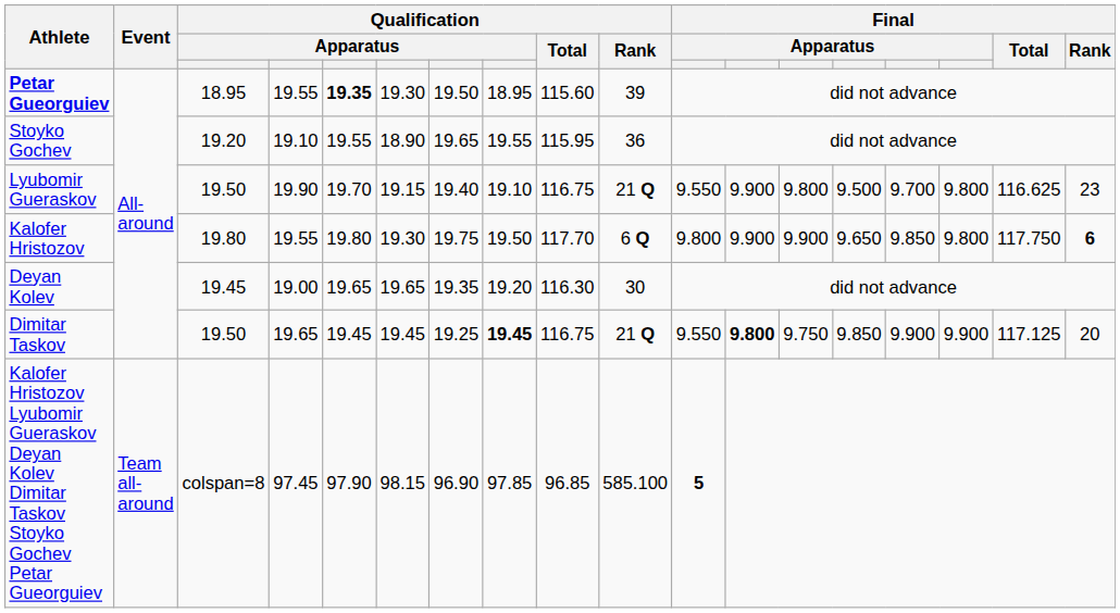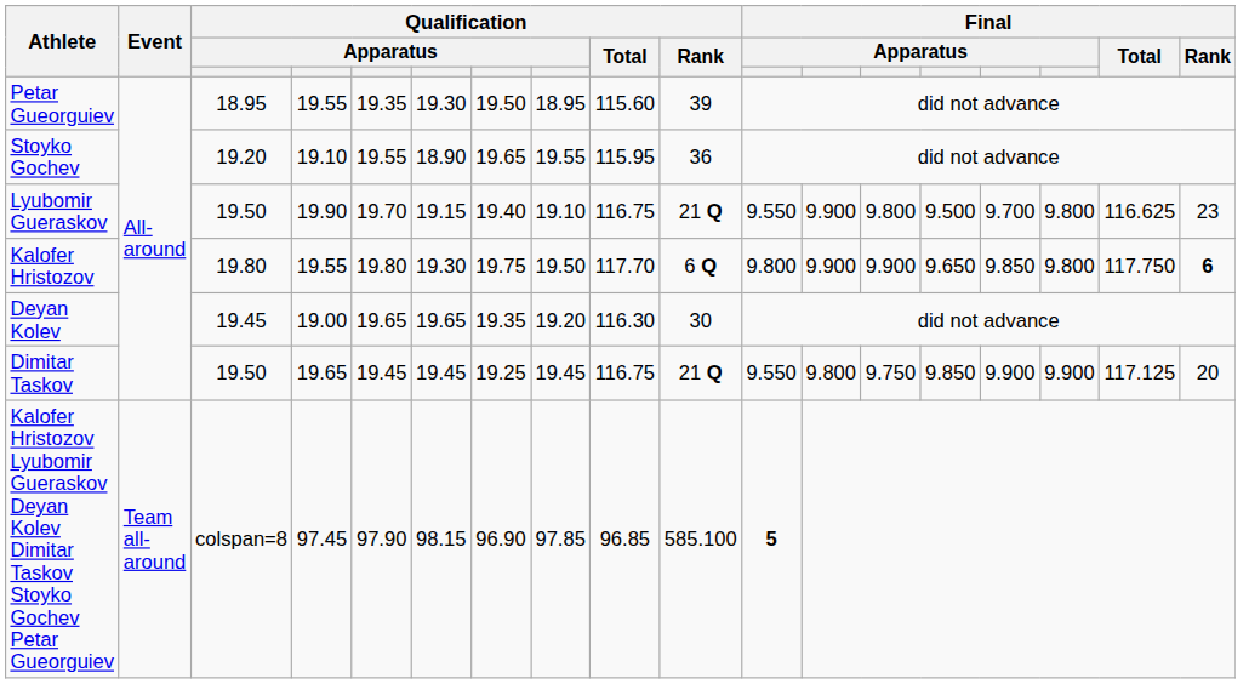 <table class="wikitable" style="font-size:90%">
 <tr>
 <th rowspan=3>Athlete</th>
 <th rowspan=3>Event</th>
 <th colspan =8>Qualification</th>
 <th colspan =8>Final</th>
 </tr>
 <tr style="font-size:95%">
 <th colspan=6>Apparatus</th>
 <th rowspan=2>Total</th>
 <th rowspan=2>Rank</th>
 <th colspan=6>Apparatus</th>
 <th rowspan=2>Total</th>
 <th rowspan=2>Rank</th>
 </tr>
 <tr style="font-size:95%">
 <th></th>
 <th></th>
 <th></th>
 <th></th>
 <th></th>
 <th></th>
 <th></th>
 <th></th>
 <th></th>
 <th></th>
 <th></th>
 <th></th>
 </tr>
 <tr align=center>
-<td align=left><strong><a href='#'>Petar Gueorguiev</a></strong></td>
+<td align=left><a href='#'>Petar Gueorguiev</a></td>
 <td align=left rowspan=6><a href='#'>All-around</a></td>
 <td>18.95</td>
 <td>19.55</td>
-<td><strong>19.35</strong></td>
+<td>19.35</td>
 <td>19.30</td>
 <td>19.50</td>
 <td>18.95</td>
 <td>115.60</td>
 <td>39</td>
 <td colspan=8>did not advance</td>
 </tr>
 <tr align=center>
 <td align=left><a href='#'>Stoyko Gochev</a></td>
 <td>19.20</td>
 <td>19.10</td>
 <td>19.55</td>
 <td>18.90</td>
 <td>19.65</td>
 <td>19.55</td>
 <td>115.95</td>
 <td>36</td>
 <td colspan=8>did not advance</td>
 </tr>
 <tr align=center>
 <td align=left><a href='#'>Lyubomir Gueraskov</a></td>
 <td>19.50</td>
 <td>19.90</td>
 <td>19.70</td>
 <td>19.15</td>
 <td>19.40</td>
 <td>19.10</td>
 <td>116.75</td>
 <td>21 <strong>Q</strong></td>
 <td>9.550</td>
 <td>9.900</td>
 <td>9.800</td>
 <td>9.500</td>
 <td>9.700</td>
 <td>9.800</td>
 <td>116.625</td>
 <td>23</td>
 </tr>
 <tr align=center>
 <td align=left><a href='#'>Kalofer Hristozov</a></td>
 <td>19.80</td>
 <td>19.55</td>
 <td>19.80</td>
 <td>19.30</td>
 <td>19.75</td>
 <td>19.50</td>
 <td>117.70</td>
 <td>6 <strong>Q</strong></td>
 <td>9.800</td>
 <td>9.900</td>
 <td>9.900</td>
 <td>9.650</td>
 <td>9.850</td>
 <td>9.800</td>
 <td>117.750</td>
 <td><strong>6</strong></td>
 </tr>
 <tr align=center>
 <td align=left><a href='#'>Deyan Kolev</a></td>
 <td>19.45</td>
 <td>19.00</td>
 <td>19.65</td>
 <td>19.65</td>
 <td>19.35</td>
 <td>19.20</td>
 <td>116.30</td>
 <td>30</td>
 <td colspan=8>did not advance</td>
 </tr>
 <tr align=center>
 <td align=left><a href='#'>Dimitar Taskov</a></td>
 <td>19.50</td>
 <td>19.65</td>
 <td>19.45</td>
 <td>19.45</td>
 <td>19.25</td>
-<td><strong>19.45</strong></td>
+<td>19.45</td>
 <td>116.75</td>
 <td>21 <strong>Q</strong></td>
 <td>9.550</td>
-<td><strong>9.800</strong></td>
+<td>9.800</td>
 <td>9.750</td>
 <td>9.850</td>
 <td>9.900</td>
 <td>9.900</td>
 <td>117.125</td>
 <td>20</td>
 </tr>
 <tr align=center>
 <td align=left><a href='#'>Kalofer Hristozov</a><br><a href='#'>Lyubomir Gueraskov</a><br><a href='#'>Deyan Kolev</a><br><a href='#'>Dimitar Taskov</a><br><a href='#'>Stoyko Gochev</a><br><a href='#'>Petar Gueorguiev</a></td>
 <td align=left><a href='#'>Team all-around</a></td>
 <td>colspan=8 </td>
 <td>97.45</td>
 <td>97.90</td>
 <td>98.15</td>
 <td>96.90</td>
 <td>97.85</td>
 <td>96.85</td>
 <td>585.100</td>
 <td><strong>5</strong></td>
 </tr>
 </table>
